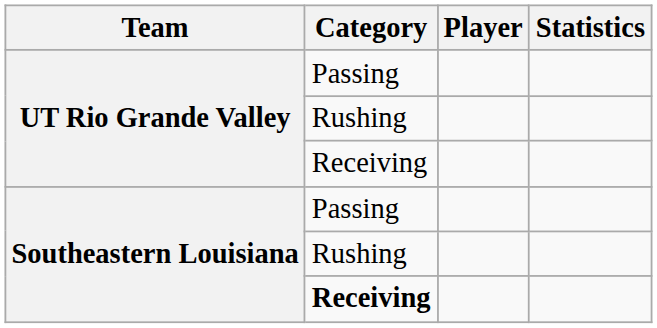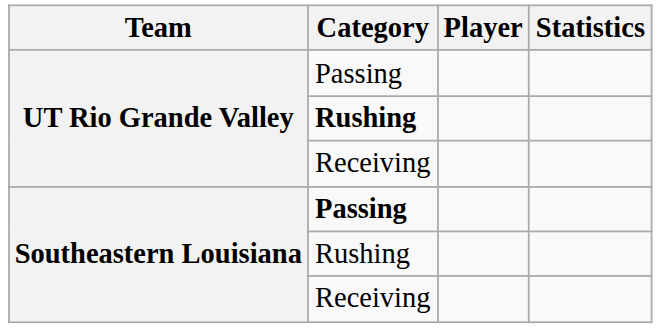 <table class="wikitable" style="float:right">
 <tr>
 <th>Team</th>
 <th>Category</th>
 <th>Player</th>
 <th>Statistics</th>
 </tr>
 <tr>
 <th rowspan=3>UT Rio Grande Valley</th>
 <td>Passing</td>
 <td></td>
 <td></td>
 </tr>
 <tr>
-<td>Rushing</td>
+<td><strong>Rushing</strong></td>
 <td></td>
 <td></td>
 </tr>
 <tr>
 <td>Receiving</td>
 <td></td>
 <td></td>
 </tr>
 <tr>
 <th rowspan=3>Southeastern Louisiana</th>
-<td>Passing</td>
+<td><strong>Passing</strong></td>
 <td></td>
 <td></td>
 </tr>
 <tr>
 <td>Rushing</td>
 <td></td>
 <td></td>
 </tr>
 <tr>
-<td><strong>Receiving</strong></td>
+<td>Receiving</td>
 <td></td>
 <td></td>
 </tr>
 </table>
